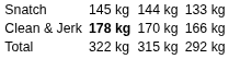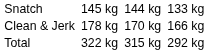 <table>
 <tr>
 <td>Snatch</td>
 <td></td>
 <td>145 kg</td>
 <td></td>
 <td>144 kg</td>
 <td></td>
 <td>133 kg</td>
 </tr>
 <tr>
 <td>Clean & Jerk</td>
 <td></td>
-<td><strong>178 kg</strong></td>
+<td>178 kg</td>
 <td></td>
 <td>170 kg</td>
 <td></td>
 <td>166 kg</td>
 </tr>
 <tr>
 <td>Total</td>
 <td></td>
 <td>322 kg</td>
 <td></td>
 <td>315 kg</td>
 <td></td>
 <td>292 kg</td>
 </tr>
 </table>
